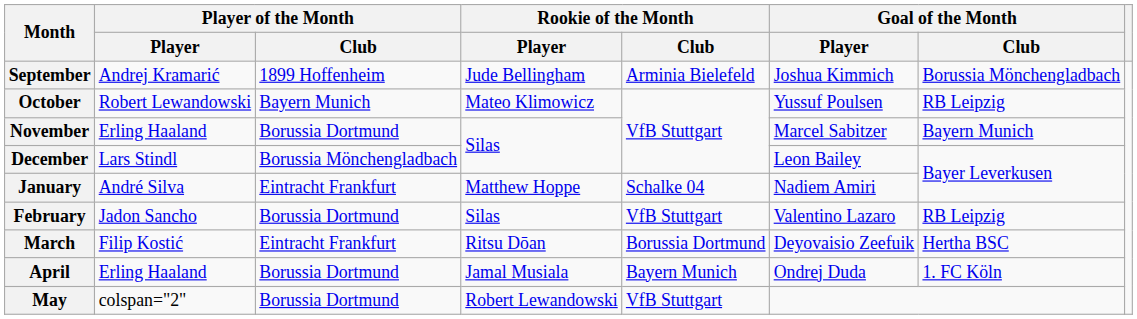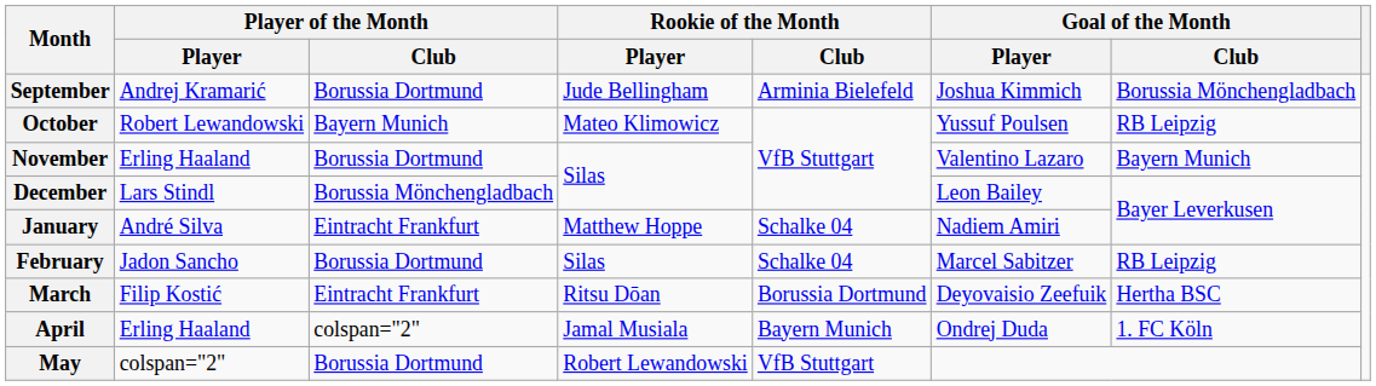 <table class="wikitable">
 <tr>
 <th rowspan="2">Month</th>
 <th colspan="2">Player of the Month</th>
 <th colspan="2">Rookie of the Month</th>
 <th colspan="2">Goal of the Month</th>
 <th rowspan="2"></th>
 </tr>
 <tr>
 <th>Player</th>
 <th>Club</th>
 <th>Player</th>
 <th>Club</th>
 <th>Player</th>
 <th>Club</th>
 </tr>
 <tr>
 <th>September</th>
 <td> <a href='#'>Andrej Kramarić</a></td>
-<td><a href='#'>1899 Hoffenheim</a></td>
+<td><a href='#'>Borussia Dortmund</a></td>
 <td> <a href='#'>Jude Bellingham</a></td>
 <td><a href='#'>Arminia Bielefeld</a></td>
 <td> <a href='#'>Joshua Kimmich</a></td>
 <td><a href='#'>Borussia Mönchengladbach</a></td>
 <td rowspan="9"></td>
 </tr>
 <tr>
 <th>October</th>
 <td> <a href='#'>Robert Lewandowski</a></td>
 <td><a href='#'>Bayern Munich</a></td>
 <td> <a href='#'>Mateo Klimowicz</a></td>
 <td rowspan="3"><a href='#'>VfB Stuttgart</a></td>
 <td> <a href='#'>Yussuf Poulsen</a></td>
 <td><a href='#'>RB Leipzig</a></td>
 </tr>
 <tr>
 <th>November</th>
 <td> <a href='#'>Erling Haaland</a></td>
 <td><a href='#'>Borussia Dortmund</a></td>
 <td rowspan="2"> <a href='#'>Silas</a></td>
-<td> <a href='#'>Marcel Sabitzer</a></td>
+<td> <a href='#'>Valentino Lazaro</a></td>
 <td><a href='#'>Bayern Munich</a></td>
 </tr>
 <tr>
 <th>December</th>
 <td> <a href='#'>Lars Stindl</a></td>
 <td><a href='#'>Borussia Mönchengladbach</a></td>
 <td> <a href='#'>Leon Bailey</a></td>
 <td rowspan="2"><a href='#'>Bayer Leverkusen</a></td>
 </tr>
 <tr>
 <th>January</th>
 <td> <a href='#'>André Silva</a></td>
 <td><a href='#'>Eintracht Frankfurt</a></td>
 <td> <a href='#'>Matthew Hoppe</a></td>
 <td><a href='#'>Schalke 04</a></td>
 <td> <a href='#'>Nadiem Amiri</a></td>
 </tr>
 <tr>
 <th>February</th>
 <td> <a href='#'>Jadon Sancho</a></td>
 <td><a href='#'>Borussia Dortmund</a></td>
 <td> <a href='#'>Silas</a></td>
-<td><a href='#'>VfB Stuttgart</a></td>
-<td> <a href='#'>Valentino Lazaro</a></td>
+<td><a href='#'>Schalke 04</a></td>
+<td> <a href='#'>Marcel Sabitzer</a></td>
 <td><a href='#'>RB Leipzig</a></td>
 </tr>
 <tr>
 <th>March</th>
 <td> <a href='#'>Filip Kostić</a></td>
 <td><a href='#'>Eintracht Frankfurt</a></td>
 <td> <a href='#'>Ritsu Dōan</a></td>
 <td><a href='#'>Borussia Dortmund</a></td>
 <td> <a href='#'>Deyovaisio Zeefuik</a></td>
 <td><a href='#'>Hertha BSC</a></td>
 </tr>
 <tr>
 <th>April</th>
 <td> <a href='#'>Erling Haaland</a></td>
-<td><a href='#'>Borussia Dortmund</a></td>
+<td>colspan="2" </td>
 <td> <a href='#'>Jamal Musiala</a></td>
 <td><a href='#'>Bayern Munich</a></td>
 <td> <a href='#'>Ondrej Duda</a></td>
 <td><a href='#'>1. FC Köln</a></td>
 </tr>
 <tr>
 <th>May</th>
 <td>colspan="2" </td>
 <td><a href='#'>Borussia Dortmund</a></td>
 <td> <a href='#'>Robert Lewandowski</a></td>
 <td><a href='#'>VfB Stuttgart</a></td>
 </tr>
 </table>
